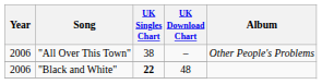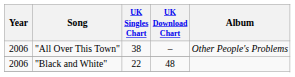 <table class="wikitable">
 <tr>
 <th width="40">Year</th>
 <th>Song</th>
 <th width="40"><small><a href='#'>UK Singles Chart</a></small></th>
 <th width="40"><small><a href='#'>UK Download Chart</a></small></th>
 <th>Album</th>
 </tr>
 <tr>
 <td align="center">2006</td>
 <td>"All Over This Town"</td>
 <td align="center">38</td>
 <td align="center">–</td>
 <td rowspan=2><em>Other People's Problems</em></td>
 </tr>
 <tr>
 </tr>
 <tr>
 <td align="center">2006</td>
 <td>"Black and White"</td>
-<td align="center"><strong>22</strong></td>
+<td align="center">22</td>
 <td align="center">48</td>
 </tr>
 <tr>
 </tr>
 </table>
